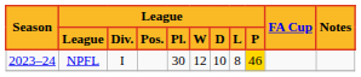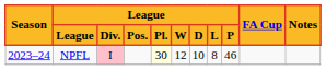 <table class="wikitable">
 <tr style="background:#d92121;">
 <th rowspan="2" ! style="background:#FABA26; color:#030303; border:2px solid #DD3720;" scope="col">Season</th>
 <th colspan="8" ! style="background:#FABA26; color:#030303; border:2px solid #DD3720;" scope="col">League</th>
 <th rowspan="2" ! style="background:#FABA26; color:#030303; border:2px solid #DD3720;" scope="col"><a href='#'>FA Cup</a></th>
 <th rowspan="2" ! style="background:#FABA26; color:#030303; border:2px solid #DD3720;" scope="col">Notes</th>
 </tr>
 <tr>
 <th style="background:#FABA26; color:#030303;border:2px solid #DD3720;" scope="col">League</th>
 <th style="background:#FABA26; color:#030303;border:2px solid #DD3720;" scope="col">Div.</th>
 <th style="background:#FABA26; color:#030303;border:2px solid #DD3720;" scope="col">Pos.</th>
 <th style="background:#FABA26; color:#030303;border:2px solid #DD3720;" scope="col">Pl.</th>
 <th style="background:#FABA26; color:#030303;border:2px solid #DD3720;" scope="col">W</th>
 <th style="background:#FABA26; color:#030303;border:2px solid #DD3720;" scope="col">D</th>
 <th style="background:#FABA26; color:#030303;border:2px solid #DD3720;" scope="col">L</th>
 <th style="background:#FABA26; color:#030303;border:2px solid #DD3720;" scope="col">P</th>
 </tr>
 <tr>
 <td align=center><a href='#'>2023–24</a></td>
 <td align=center><a href='#'>NPFL</a></td>
-<td align=center>I</td>
+<td align=center style="background: pink;">I</td>
 <td align=center></td>
-<td align=center>30</td>
+<td align=center style="background: lightyellow;">30</td>
 <td align=center>12</td>
 <td align=center>10</td>
 <td align=center>8</td>
-<td align=center style="background: gold;">46</td>
+<td align=center>46</td>
 <td align=center></td>
 <td align=center></td>
 </tr>
 <tr>
 </tr>
 </table>
